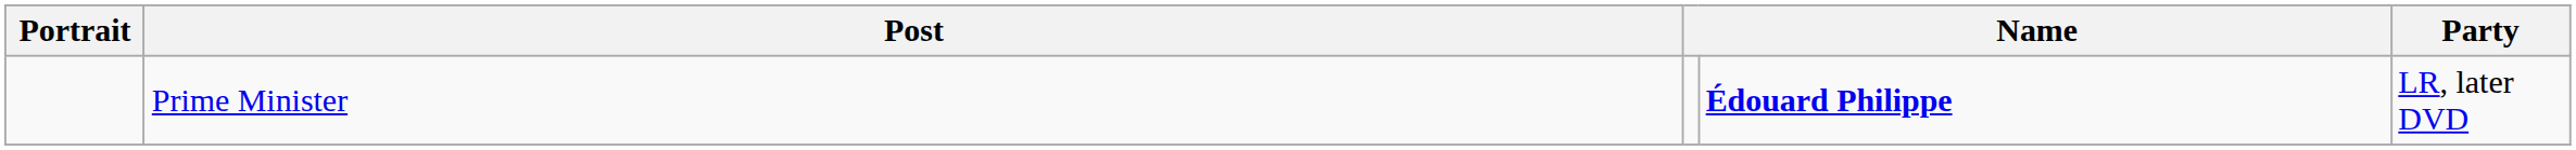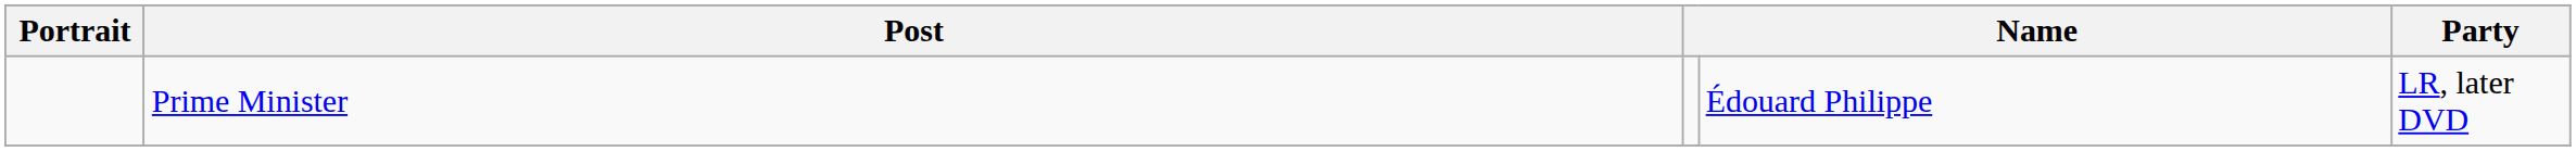 <table class="wikitable sortable" style="width:100%;">
 <tr>
 <th scope="col" class="unsortable">Portrait</th>
 <th scope="col">Post</th>
 <th colspan="2" scope="col" class="unsortable">Name</th>
 <th scope="col">Party</th>
 </tr>
 <tr>
 <td width="80"></td>
 <td width=60%><a href='#'>Prime Minister</a><br></td>
 <td style="background:"></td>
-<td width=27%><strong><a href='#'>Édouard Philippe</a></strong></td>
+<td width=27%><a href='#'>Édouard Philippe</a></td>
 <td width=7%><a href='#'>LR</a>, later <a href='#'>DVD</a></td>
 </tr>
 </table>
